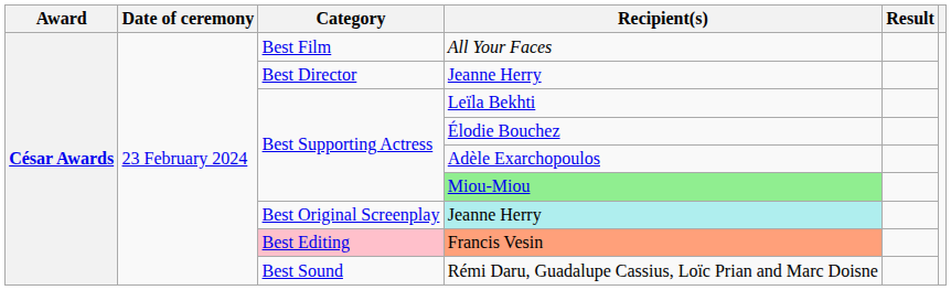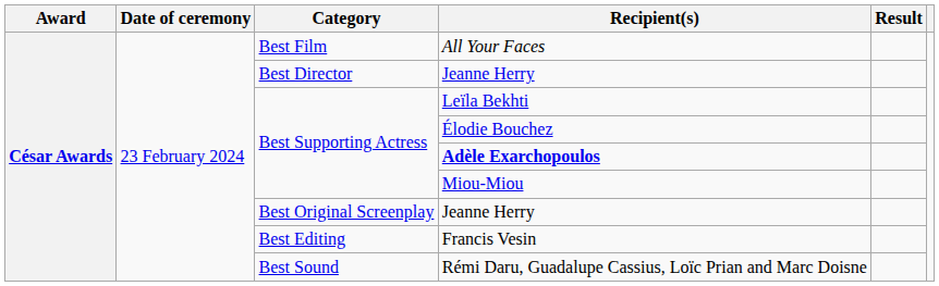 <table class="wikitable sortable plainrowheaders">
 <tr>
 <th scope="col">Award</th>
 <th scope="col">Date of ceremony</th>
 <th scope="col">Category</th>
 <th scope="col">Recipient(s)</th>
 <th scope="col">Result</th>
 <th scope="col" class="unsortable"></th>
 </tr>
 <tr>
 <th scope="row" rowspan="9"><a href='#'>César Awards</a></th>
 <td rowspan="9"><a href='#'>23 February 2024</a></td>
 <td><a href='#'>Best Film</a></td>
 <td><em>All Your Faces</em></td>
 <td></td>
 <td rowspan="9" align="center"></td>
 </tr>
 <tr>
 <td><a href='#'>Best Director</a></td>
 <td><a href='#'>Jeanne Herry</a></td>
 <td></td>
 </tr>
 <tr>
 <td rowspan="4"><a href='#'>Best Supporting Actress</a></td>
 <td><a href='#'>Leïla Bekhti</a></td>
 <td></td>
 </tr>
 <tr>
 <td><a href='#'>Élodie Bouchez</a></td>
 <td></td>
 </tr>
 <tr>
-<td><a href='#'>Adèle Exarchopoulos</a></td>
+<td><strong><a href='#'>Adèle Exarchopoulos</a></strong></td>
 <td></td>
 </tr>
 <tr>
-<td style="background: lightgreen;"><a href='#'>Miou-Miou</a></td>
+<td><a href='#'>Miou-Miou</a></td>
 <td></td>
 </tr>
 <tr>
 <td><a href='#'>Best Original Screenplay</a></td>
-<td style="background: paleturquoise;">Jeanne Herry</td>
+<td>Jeanne Herry</td>
 <td></td>
 </tr>
 <tr>
-<td style="background: pink;"><a href='#'>Best Editing</a></td>
-<td style="background: lightsalmon;">Francis Vesin</td>
+<td><a href='#'>Best Editing</a></td>
+<td>Francis Vesin</td>
 <td></td>
 </tr>
 <tr>
 <td><a href='#'>Best Sound</a></td>
 <td>Rémi Daru, Guadalupe Cassius, Loïc Prian and Marc Doisne</td>
 <td></td>
 </tr>
 <tr>
 </tr>
 </table>
